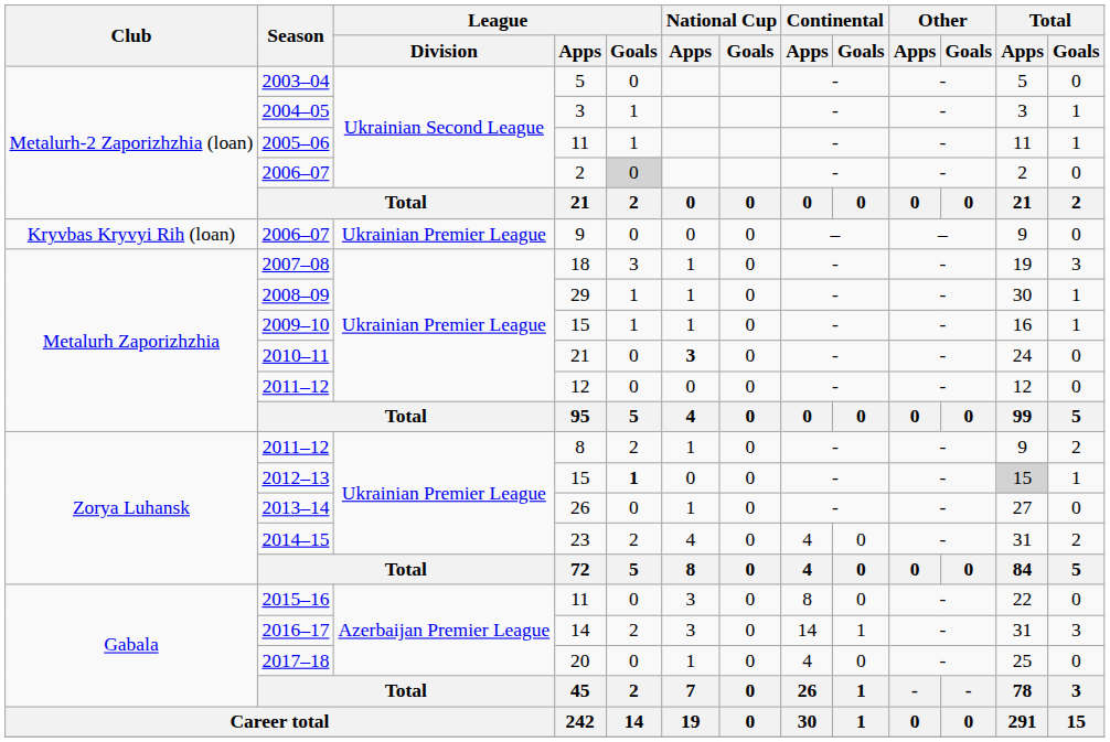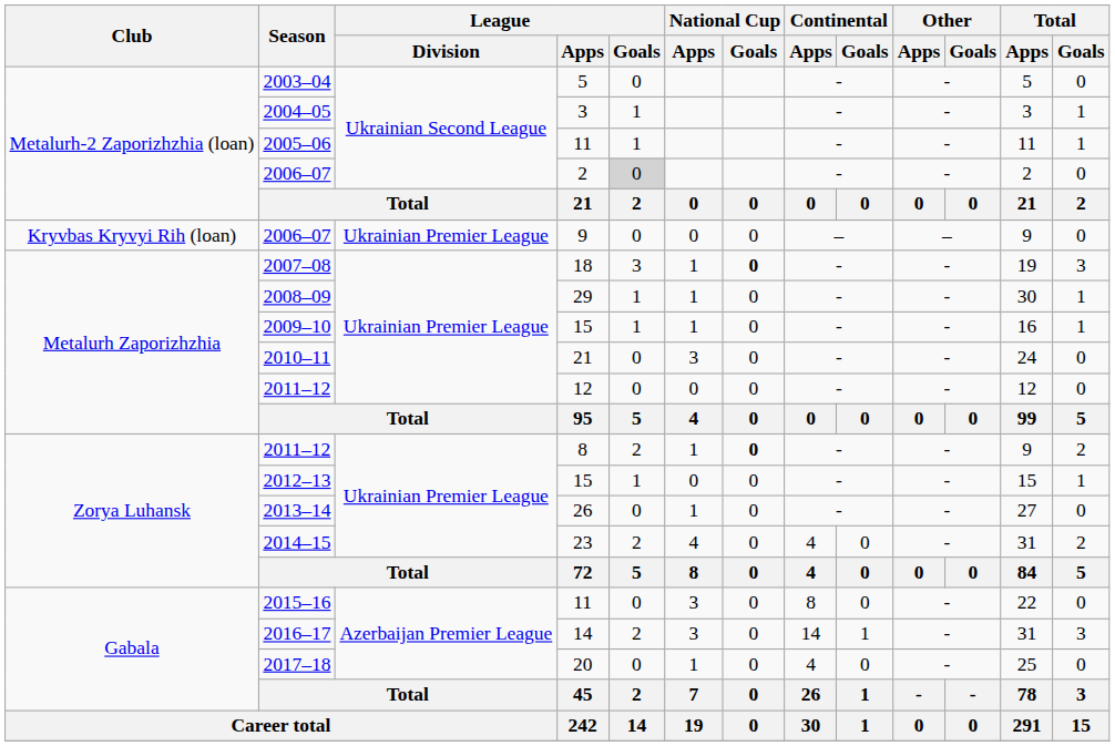 <table class="wikitable" style="font-size:100%; text-align: center;">
 <tr>
 <th rowspan="2">Club</th>
 <th rowspan="2">Season</th>
 <th colspan="3">League</th>
 <th colspan="2">National Cup</th>
 <th colspan="2">Continental</th>
 <th colspan="2">Other</th>
 <th colspan="2">Total</th>
 </tr>
 <tr>
 <th>Division</th>
 <th>Apps</th>
 <th>Goals</th>
 <th>Apps</th>
 <th>Goals</th>
 <th>Apps</th>
 <th>Goals</th>
 <th>Apps</th>
 <th>Goals</th>
 <th>Apps</th>
 <th>Goals</th>
 </tr>
 <tr>
 <td rowspan="5" valign="center"><a href='#'>Metalurh-2 Zaporizhzhia</a> (loan)</td>
 <td><a href='#'>2003–04</a></td>
 <td rowspan="4" valign="center"><a href='#'>Ukrainian Second League</a></td>
 <td>5</td>
 <td>0</td>
 <td></td>
 <td></td>
 <td colspan="2">-</td>
 <td colspan="2">-</td>
 <td>5</td>
 <td>0</td>
 </tr>
 <tr>
 <td><a href='#'>2004–05</a></td>
 <td>3</td>
 <td>1</td>
 <td></td>
 <td></td>
 <td colspan="2">-</td>
 <td colspan="2">-</td>
 <td>3</td>
 <td>1</td>
 </tr>
 <tr>
 <td><a href='#'>2005–06</a></td>
 <td>11</td>
 <td>1</td>
 <td></td>
 <td></td>
 <td colspan="2">-</td>
 <td colspan="2">-</td>
 <td>11</td>
 <td>1</td>
 </tr>
 <tr>
 <td><a href='#'>2006–07</a></td>
 <td>2</td>
 <td style="background: lightgrey;">0</td>
 <td></td>
 <td></td>
 <td colspan="2">-</td>
 <td colspan="2">-</td>
 <td>2</td>
 <td>0</td>
 </tr>
 <tr>
 <th colspan="2">Total</th>
 <th>21</th>
 <th>2</th>
 <th>0</th>
 <th>0</th>
 <th>0</th>
 <th>0</th>
 <th>0</th>
 <th>0</th>
 <th>21</th>
 <th>2</th>
 </tr>
 <tr>
 <td valign="center"><a href='#'>Kryvbas Kryvyi Rih</a> (loan)</td>
 <td><a href='#'>2006–07</a></td>
 <td><a href='#'>Ukrainian Premier League</a></td>
 <td>9</td>
 <td>0</td>
 <td>0</td>
 <td>0</td>
 <td colspan="2">–</td>
 <td colspan="2">–</td>
 <td>9</td>
 <td>0</td>
 </tr>
 <tr>
 <td rowspan="6" valign="center"><a href='#'>Metalurh Zaporizhzhia</a></td>
 <td><a href='#'>2007–08</a></td>
 <td rowspan="5" valign="center"><a href='#'>Ukrainian Premier League</a></td>
 <td>18</td>
 <td>3</td>
 <td>1</td>
-<td>0</td>
+<td><strong>0</strong></td>
 <td colspan="2">-</td>
 <td colspan="2">-</td>
 <td>19</td>
 <td>3</td>
 </tr>
 <tr>
 <td><a href='#'>2008–09</a></td>
 <td>29</td>
 <td>1</td>
 <td>1</td>
 <td>0</td>
 <td colspan="2">-</td>
 <td colspan="2">-</td>
 <td>30</td>
 <td>1</td>
 </tr>
 <tr>
 <td><a href='#'>2009–10</a></td>
 <td>15</td>
 <td>1</td>
 <td>1</td>
 <td>0</td>
 <td colspan="2">-</td>
 <td colspan="2">-</td>
 <td>16</td>
 <td>1</td>
 </tr>
 <tr>
 <td><a href='#'>2010–11</a></td>
 <td>21</td>
 <td>0</td>
-<td><strong>3</strong></td>
+<td>3</td>
 <td>0</td>
 <td colspan="2">-</td>
 <td colspan="2">-</td>
 <td>24</td>
 <td>0</td>
 </tr>
 <tr>
 <td><a href='#'>2011–12</a></td>
 <td>12</td>
 <td>0</td>
 <td>0</td>
 <td>0</td>
 <td colspan="2">-</td>
 <td colspan="2">-</td>
 <td>12</td>
 <td>0</td>
 </tr>
 <tr>
 <th colspan="2">Total</th>
 <th>95</th>
 <th>5</th>
 <th>4</th>
 <th>0</th>
 <th>0</th>
 <th>0</th>
 <th>0</th>
 <th>0</th>
 <th>99</th>
 <th>5</th>
 </tr>
 <tr>
 <td rowspan="5" valign="center"><a href='#'>Zorya Luhansk</a></td>
 <td><a href='#'>2011–12</a></td>
 <td rowspan="4" valign="center"><a href='#'>Ukrainian Premier League</a></td>
 <td>8</td>
 <td>2</td>
 <td>1</td>
-<td>0</td>
+<td><strong>0</strong></td>
 <td colspan="2">-</td>
 <td colspan="2">-</td>
 <td>9</td>
 <td>2</td>
 </tr>
 <tr>
 <td><a href='#'>2012–13</a></td>
 <td>15</td>
-<td><strong>1</strong></td>
+<td>1</td>
 <td>0</td>
 <td>0</td>
 <td colspan="2">-</td>
 <td colspan="2">-</td>
-<td style="background: lightgrey;">15</td>
+<td>15</td>
 <td>1</td>
 </tr>
 <tr>
 <td><a href='#'>2013–14</a></td>
 <td>26</td>
 <td>0</td>
 <td>1</td>
 <td>0</td>
 <td colspan="2">-</td>
 <td colspan="2">-</td>
 <td>27</td>
 <td>0</td>
 </tr>
 <tr>
 <td><a href='#'>2014–15</a></td>
 <td>23</td>
 <td>2</td>
 <td>4</td>
 <td>0</td>
 <td>4</td>
 <td>0</td>
 <td colspan="2">-</td>
 <td>31</td>
 <td>2</td>
 </tr>
 <tr>
 <th colspan="2">Total</th>
 <th>72</th>
 <th>5</th>
 <th>8</th>
 <th>0</th>
 <th>4</th>
 <th>0</th>
 <th>0</th>
 <th>0</th>
 <th>84</th>
 <th>5</th>
 </tr>
 <tr>
 <td rowspan="4" valign="center"><a href='#'>Gabala</a></td>
 <td><a href='#'>2015–16</a></td>
 <td rowspan="3" valign="center"><a href='#'>Azerbaijan Premier League</a></td>
 <td>11</td>
 <td>0</td>
 <td>3</td>
 <td>0</td>
 <td>8</td>
 <td>0</td>
 <td colspan="2">-</td>
 <td>22</td>
 <td>0</td>
 </tr>
 <tr>
 <td><a href='#'>2016–17</a></td>
 <td>14</td>
 <td>2</td>
 <td>3</td>
 <td>0</td>
 <td>14</td>
 <td>1</td>
 <td colspan="2">-</td>
 <td>31</td>
 <td>3</td>
 </tr>
 <tr>
 <td><a href='#'>2017–18</a></td>
 <td>20</td>
 <td>0</td>
 <td>1</td>
 <td>0</td>
 <td>4</td>
 <td>0</td>
 <td colspan="2">-</td>
 <td>25</td>
 <td>0</td>
 </tr>
 <tr>
 <th colspan="2">Total</th>
 <th>45</th>
 <th>2</th>
 <th>7</th>
 <th>0</th>
 <th>26</th>
 <th>1</th>
 <th>-</th>
 <th>-</th>
 <th>78</th>
 <th>3</th>
 </tr>
 <tr>
 <th colspan="3">Career total</th>
 <th>242</th>
 <th>14</th>
 <th>19</th>
 <th>0</th>
 <th>30</th>
 <th>1</th>
 <th>0</th>
 <th>0</th>
 <th>291</th>
 <th>15</th>
 </tr>
 <tr>
 </tr>
 </table>
